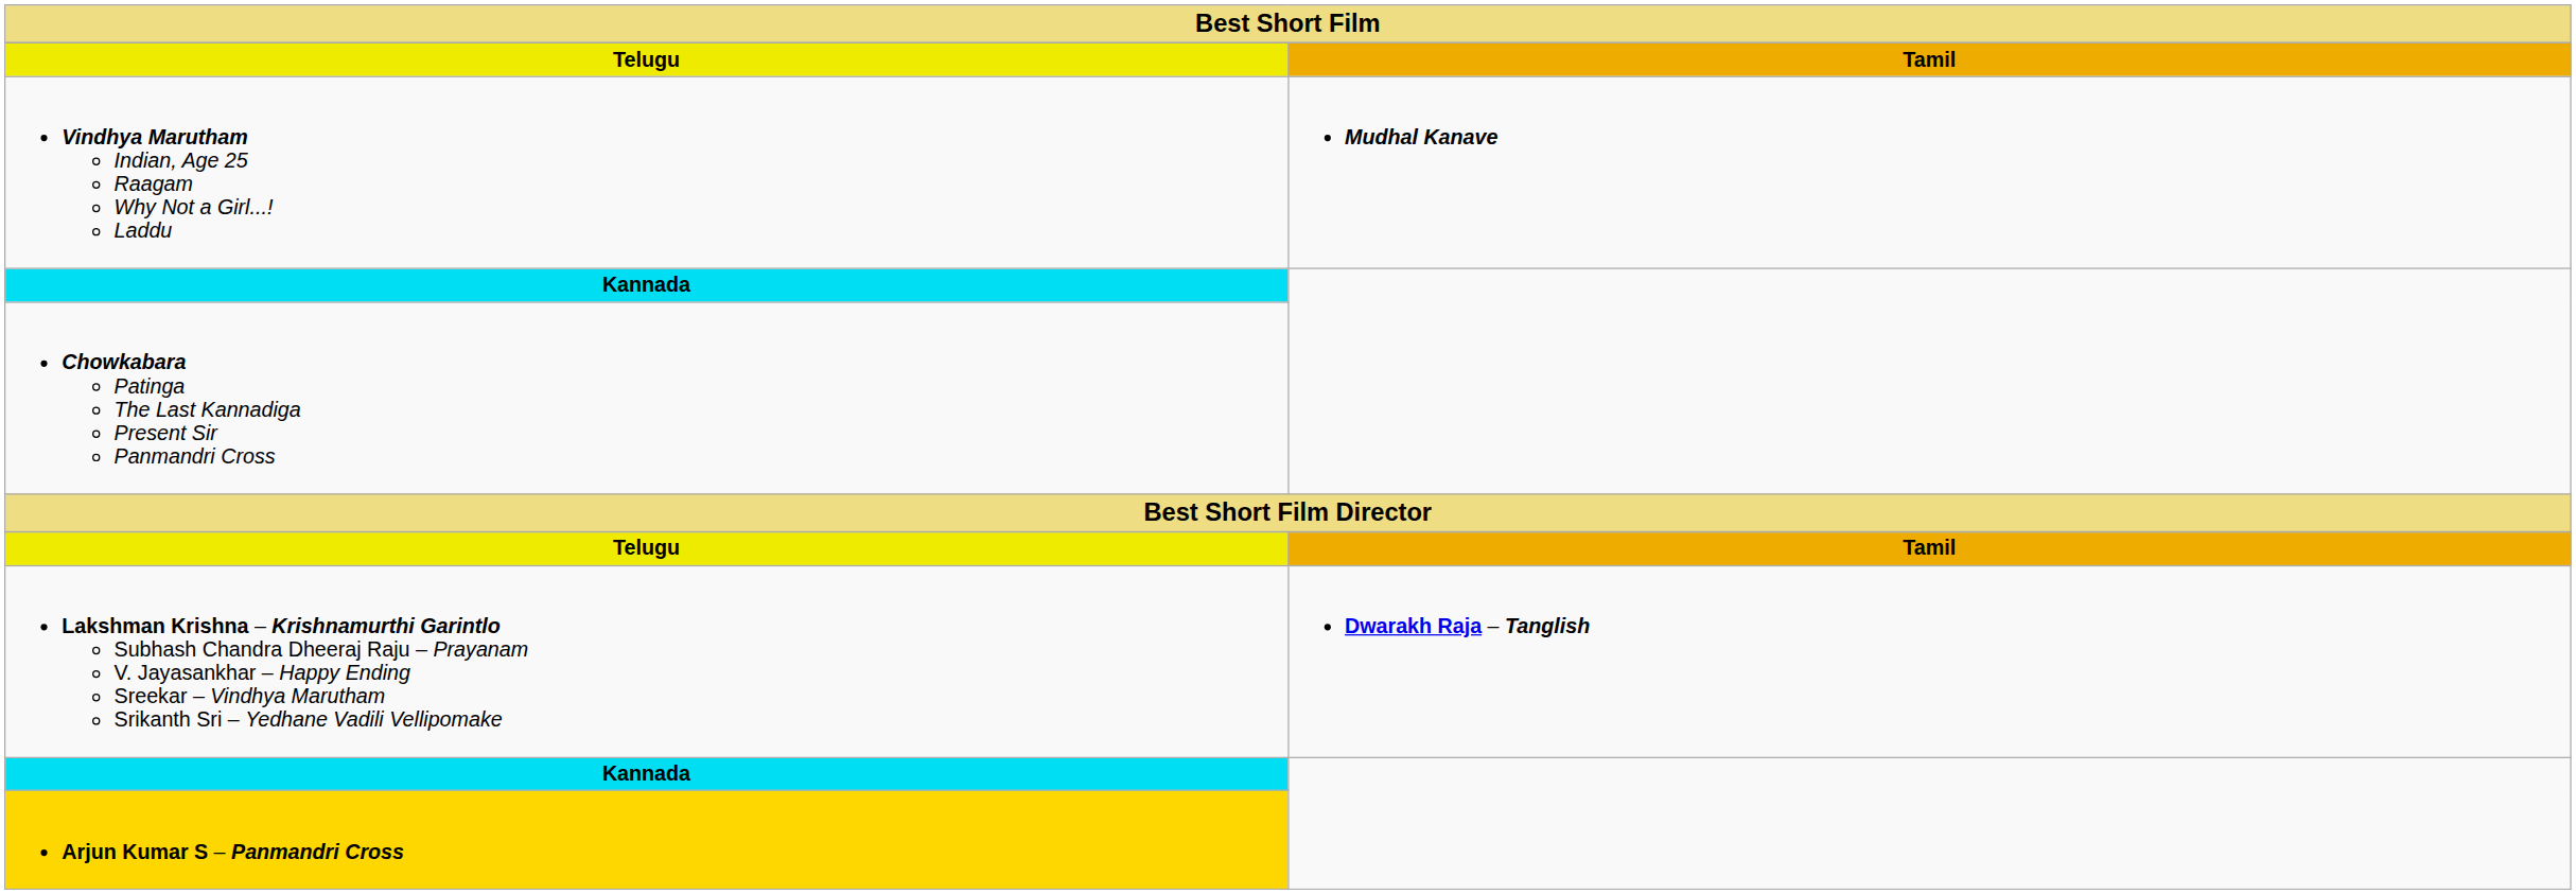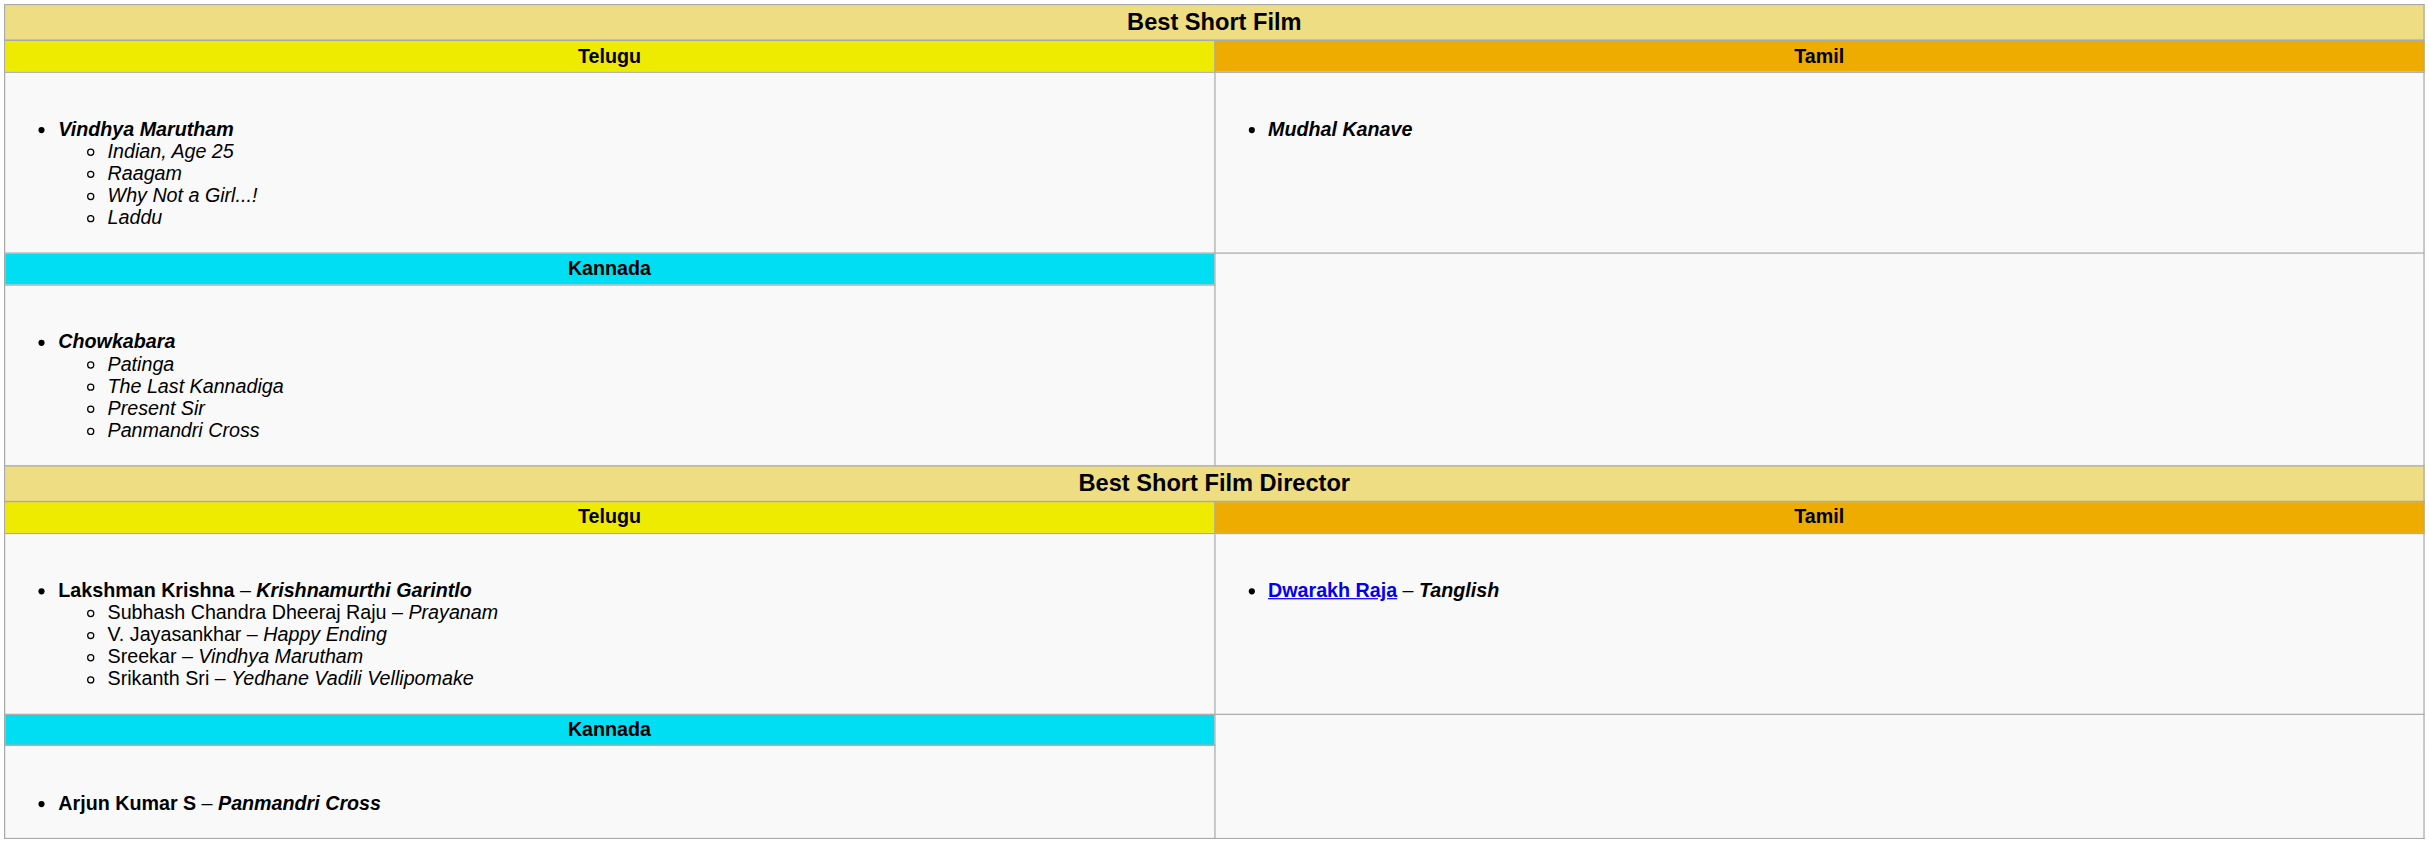 <table class="wikitable">
 <tr>
 <th colspan="2" rowspan="1" style="background:#EEDD82; width: 3000px;"><big><strong>Best Short Film</strong></big></th>
 </tr>
 <tr>
 </tr>
 <tr>
 <th style="background:#efeb00; width: 50%">Telugu</th>
 <th style="background:#efac00;">Tamil</th>
 </tr>
 <tr>
 <td valign="top"><br><ul><li><strong><em>Vindhya Marutham</em></strong><ul><li><em>Indian, Age 25</em></li><li><em>Raagam</em></li><li><em>Why Not a Girl...!</em></li><li><em>Laddu</em></li></ul></li></ul></td>
 <td valign="top"><br><ul><li><strong><em>Mudhal Kanave</em></strong></li></ul></td>
 </tr>
 <tr>
 <th style="background:#00def3;" align="center">Kannada</th>
 </tr>
 <tr>
 <td><br><ul><li><strong><em>Chowkabara</em></strong><ul><li><em>Patinga</em></li><li><em>The Last Kannadiga</em></li><li><em>Present Sir</em></li><li><em>Panmandri Cross</em></li></ul></li></ul></td>
 </tr>
 <tr>
 <th colspan="2" rowspan="1" style="background:#EEDD82;"><big><strong>Best Short Film Director</strong></big></th>
 </tr>
 <tr>
 </tr>
 <tr>
 <th style="background:#efeb00; width: 50%">Telugu</th>
 <th style="background:#efac00;">Tamil</th>
 </tr>
 <tr>
 <td valign="top"><br><ul><li><strong>Lakshman Krishna</strong> – <strong><em>Krishnamurthi Garintlo</em></strong><ul><li>Subhash Chandra Dheeraj Raju – <em>Prayanam</em></li><li>V. Jayasankhar – <em>Happy Ending</em></li><li>Sreekar – <em>Vindhya Marutham</em></li><li>Srikanth Sri – <em>Yedhane Vadili Vellipomake</em></li></ul></li></ul></td>
 <td valign="top"><br><ul><li><strong><a href='#'>Dwarakh Raja</a></strong> – <strong><em>Tanglish</em></strong></li></ul></td>
 </tr>
 <tr>
 <th style="background:#00def3;" align="center">Kannada</th>
 </tr>
 <tr>
-<td style="background: gold;"><br><ul><li><strong>Arjun Kumar S</strong> – <strong><em>Panmandri Cross</em></strong></li></ul></td>
+<td><br><ul><li><strong>Arjun Kumar S</strong> – <strong><em>Panmandri Cross</em></strong></li></ul></td>
 </tr>
 <tr>
 </tr>
 </table>
